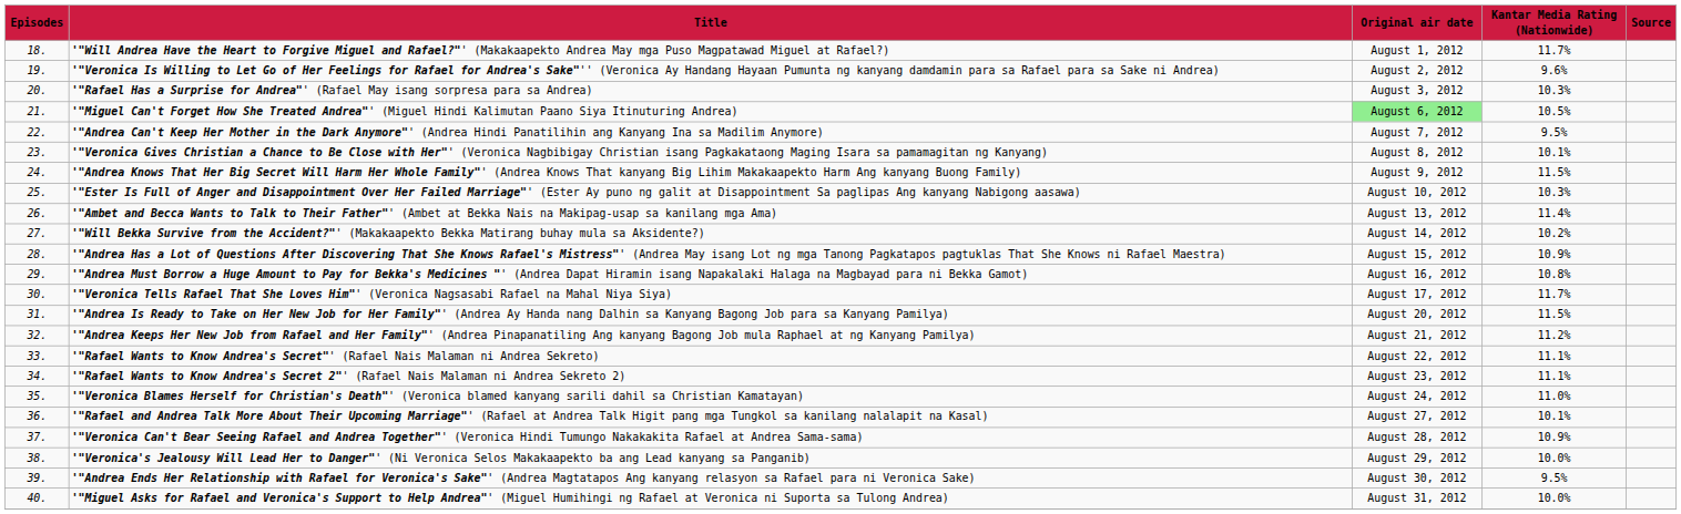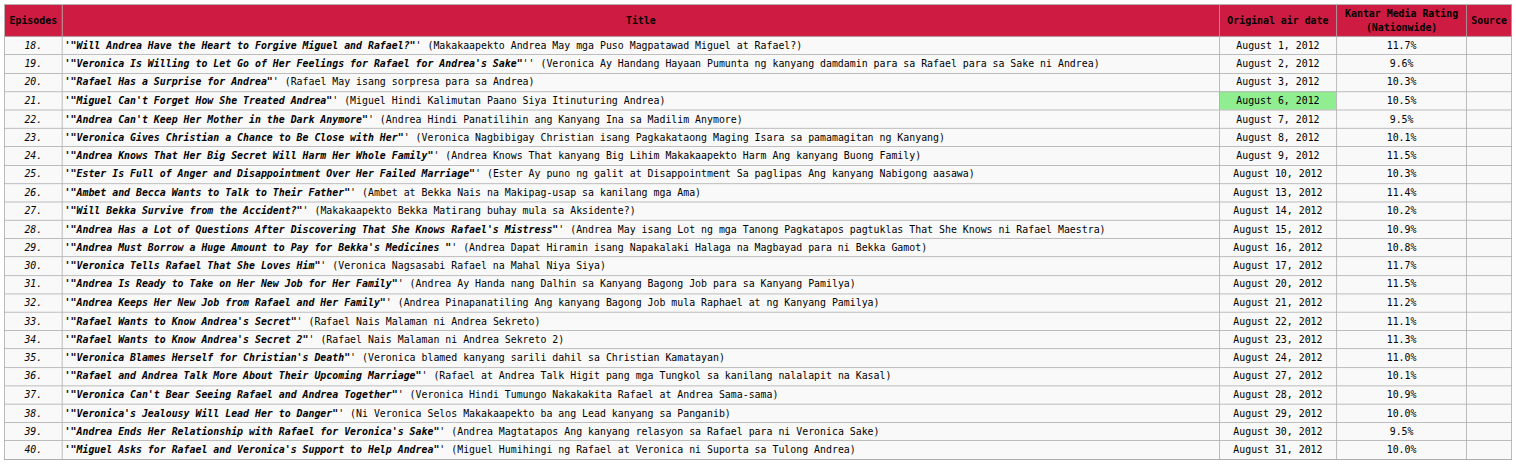 <table class="wikitable" style="text-align:center; font-size:100%; line-height:18px;" width="100%">
 <tr style="color:black;">
 <th style="background:#ce1b41; color:#000000">Episodes</th>
 <th style="background:#ce1b41; color:#000000">Title</th>
 <th style="background:#ce1b41; color:#000000">Original air date</th>
 <th style="background:#ce1b41; color:#000000">Kantar Media Rating <br> (Nationwide)</th>
 <th style="background:#ce1b41; color:#000000">Source</th>
 </tr>
 <tr style="text-align: center">
 <td><em>18.</em></td>
 <td align="left"><strong><em>'"Will Andrea Have the Heart to Forgive Miguel and Rafael?"</em></strong>' (Makakaapekto Andrea May mga Puso Magpatawad Miguel at Rafael?)</td>
 <td>August 1, 2012</td>
 <td>11.7%</td>
 <td></td>
 </tr>
 <tr>
 <td><em>19.</em></td>
 <td align="left"><strong><em>'"Veronica Is Willing to Let Go of Her Feelings for Rafael for Andrea's Sake"</em></strong>'' (Veronica Ay Handang Hayaan Pumunta ng kanyang damdamin para sa Rafael para sa Sake ni Andrea)</td>
 <td>August 2, 2012</td>
 <td>9.6%</td>
 <td></td>
 </tr>
 <tr>
 <td><em>20.</em></td>
 <td align="left"><strong><em>'"Rafael Has a Surprise for Andrea"</em></strong>' (Rafael May isang sorpresa para sa Andrea)</td>
 <td>August 3, 2012</td>
 <td>10.3%</td>
 <td></td>
 </tr>
 <tr>
 <td><em>21.</em></td>
 <td align="left"><strong><em>'"Miguel Can't Forget How She Treated Andrea"</em></strong>' (Miguel Hindi Kalimutan Paano Siya Itinuturing Andrea)</td>
 <td style="background: lightgreen;">August 6, 2012</td>
 <td>10.5%</td>
 <td></td>
 </tr>
 <tr>
 <td><em>22.</em></td>
 <td align="left"><strong><em>'"Andrea Can't Keep Her Mother in the Dark Anymore"</em></strong>' (Andrea Hindi Panatilihin ang Kanyang Ina sa Madilim Anymore)</td>
 <td>August 7, 2012</td>
 <td>9.5%</td>
 <td></td>
 </tr>
 <tr>
 <td><em>23.</em></td>
 <td align="left"><strong><em>'"Veronica Gives Christian a Chance to Be Close with Her"</em></strong>' (Veronica Nagbibigay Christian isang Pagkakataong Maging Isara sa pamamagitan ng Kanyang)</td>
 <td>August 8, 2012</td>
 <td>10.1%</td>
 <td></td>
 </tr>
 <tr>
 <td><em>24.</em></td>
 <td align="left"><strong><em>'"Andrea Knows That Her Big Secret Will Harm Her Whole Family"</em></strong>' (Andrea Knows That kanyang Big Lihim Makakaapekto Harm Ang kanyang Buong Family)</td>
 <td>August 9, 2012</td>
 <td>11.5%</td>
 <td></td>
 </tr>
 <tr>
 <td><em>25.</em></td>
 <td align="left"><strong><em>'"Ester Is Full of Anger and Disappointment Over Her Failed Marriage"</em></strong>' (Ester Ay puno ng galit at Disappointment Sa paglipas Ang kanyang Nabigong aasawa)</td>
 <td>August 10, 2012</td>
 <td>10.3%</td>
 <td></td>
 </tr>
 <tr>
 <td><em>26.</em></td>
 <td align="left"><strong><em>'"Ambet and Becca Wants to Talk to Their Father"</em></strong>' (Ambet at Bekka Nais na Makipag-usap sa kanilang mga Ama)</td>
 <td>August 13, 2012</td>
 <td>11.4%</td>
 <td></td>
 </tr>
 <tr>
 <td><em>27.</em></td>
 <td align="left"><strong><em>'"Will Bekka Survive from the Accident?"</em></strong>' (Makakaapekto Bekka Matirang buhay mula sa Aksidente?)</td>
 <td>August 14, 2012</td>
 <td>10.2%</td>
 <td></td>
 </tr>
 <tr>
 <td><em>28.</em></td>
 <td align="left"><strong><em>'"Andrea Has a Lot of Questions After Discovering That She Knows Rafael's Mistress"</em></strong>' (Andrea May isang Lot ng mga Tanong Pagkatapos pagtuklas That She Knows ni Rafael Maestra)</td>
 <td>August 15, 2012</td>
 <td>10.9%</td>
 <td></td>
 </tr>
 <tr>
 <td><em>29.</em></td>
 <td align="left"><strong><em>'"Andrea Must Borrow a Huge Amount to Pay for Bekka's Medicines "</em></strong>' (Andrea Dapat Hiramin isang Napakalaki Halaga na Magbayad para ni Bekka Gamot)</td>
 <td>August 16, 2012</td>
 <td>10.8%</td>
 <td></td>
 </tr>
 <tr>
 <td><em>30.</em></td>
 <td align="left"><strong><em>'"Veronica Tells Rafael That She Loves Him"</em></strong>' (Veronica Nagsasabi Rafael na Mahal Niya Siya)</td>
 <td>August 17, 2012</td>
 <td>11.7%</td>
 <td></td>
 </tr>
 <tr>
 <td><em>31.</em></td>
 <td align="left"><strong><em>'"Andrea Is Ready to Take on Her New Job for Her Family"</em></strong>' (Andrea Ay Handa nang Dalhin sa Kanyang Bagong Job para sa Kanyang Pamilya)</td>
 <td>August 20, 2012</td>
 <td>11.5%</td>
 <td></td>
 </tr>
 <tr>
 <td><em>32.</em></td>
 <td align="left"><strong><em>'"Andrea Keeps Her New Job from Rafael and Her Family"</em></strong>' (Andrea Pinapanatiling Ang kanyang Bagong Job mula Raphael at ng Kanyang Pamilya)</td>
 <td>August 21, 2012</td>
 <td>11.2%</td>
 <td></td>
 </tr>
 <tr>
 <td><em>33.</em></td>
 <td align="left"><strong><em>'"Rafael Wants to Know Andrea's Secret"</em></strong>' (Rafael Nais Malaman ni Andrea Sekreto)</td>
 <td>August 22, 2012</td>
 <td>11.1%</td>
 <td></td>
 </tr>
 <tr>
 <td><em>34.</em></td>
 <td align="left"><strong><em>'"Rafael Wants to Know Andrea's Secret 2"</em></strong>' (Rafael Nais Malaman ni Andrea Sekreto 2)</td>
 <td>August 23, 2012</td>
-<td>11.1%</td>
+<td>11.3%</td>
 <td></td>
 </tr>
 <tr>
 <td><em>35.</em></td>
 <td align="left"><strong><em>'"Veronica Blames Herself for Christian's Death"</em></strong>' (Veronica blamed kanyang sarili dahil sa Christian Kamatayan)</td>
 <td>August 24, 2012</td>
 <td>11.0%</td>
 <td></td>
 </tr>
 <tr>
 <td><em>36.</em></td>
 <td align="left"><strong><em>'"Rafael and Andrea Talk More About Their Upcoming Marriage"</em></strong>' (Rafael at Andrea Talk Higit pang mga Tungkol sa kanilang nalalapit na Kasal)</td>
 <td>August 27, 2012</td>
 <td>10.1%</td>
 <td></td>
 </tr>
 <tr>
 <td><em>37.</em></td>
 <td align="left"><strong><em>'"Veronica Can't Bear Seeing Rafael and Andrea Together"</em></strong>' (Veronica Hindi Tumungo Nakakakita Rafael at Andrea Sama-sama)</td>
 <td>August 28, 2012</td>
 <td>10.9%</td>
 <td></td>
 </tr>
 <tr>
 <td><em>38.</em></td>
 <td align="left"><strong><em>'"Veronica's Jealousy Will Lead Her to Danger"</em></strong>' (Ni Veronica Selos Makakaapekto ba ang Lead kanyang sa Panganib)</td>
 <td>August 29, 2012</td>
 <td>10.0%</td>
 <td></td>
 </tr>
 <tr>
 <td><em>39.</em></td>
 <td align="left"><strong><em>'"Andrea Ends Her Relationship with Rafael for Veronica's Sake"</em></strong>' (Andrea Magtatapos Ang kanyang relasyon sa Rafael para ni Veronica Sake)</td>
 <td>August 30, 2012</td>
 <td>9.5%</td>
 <td></td>
 </tr>
 <tr>
 <td><em>40.</em></td>
 <td align="left"><strong><em>'"Miguel Asks for Rafael and Veronica's Support to Help Andrea"</em></strong>' (Miguel Humihingi ng Rafael at Veronica ni Suporta sa Tulong Andrea)</td>
 <td>August 31, 2012</td>
 <td>10.0%</td>
 <td></td>
 </tr>
 <tr>
 </tr>
 </table>
